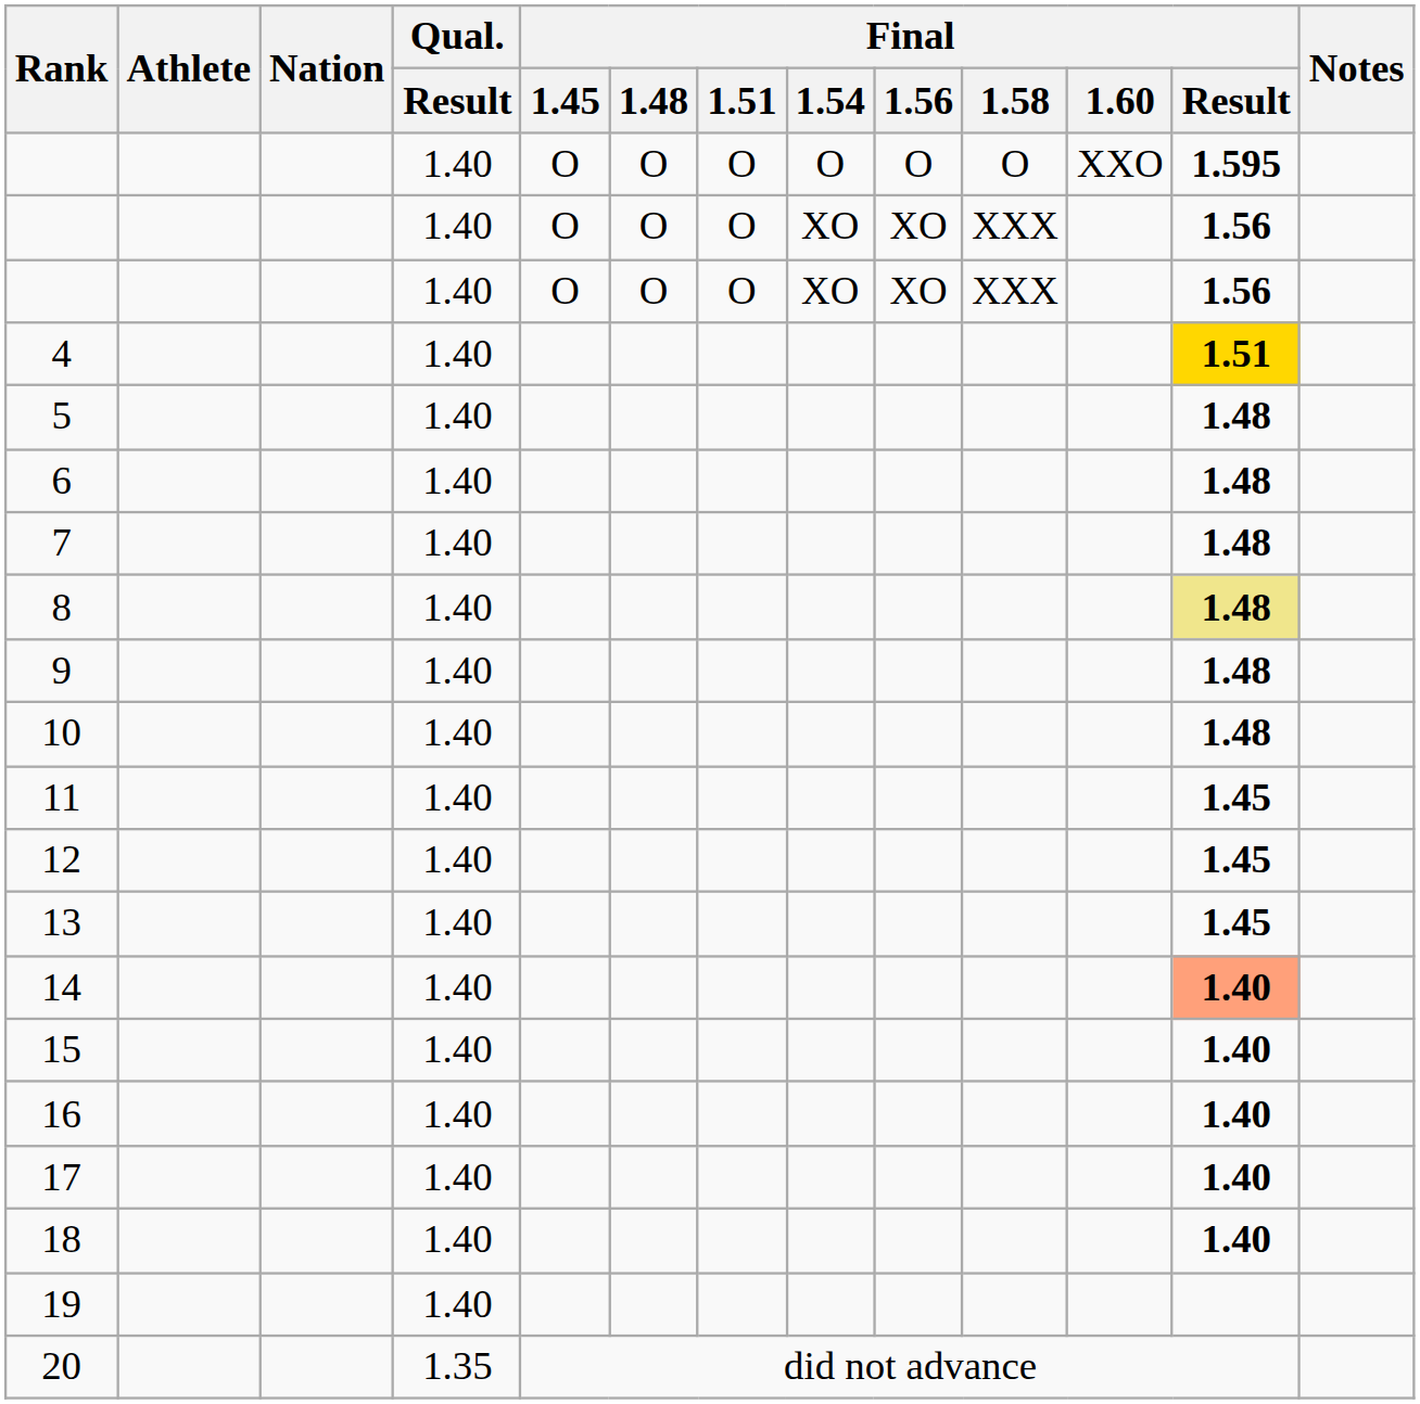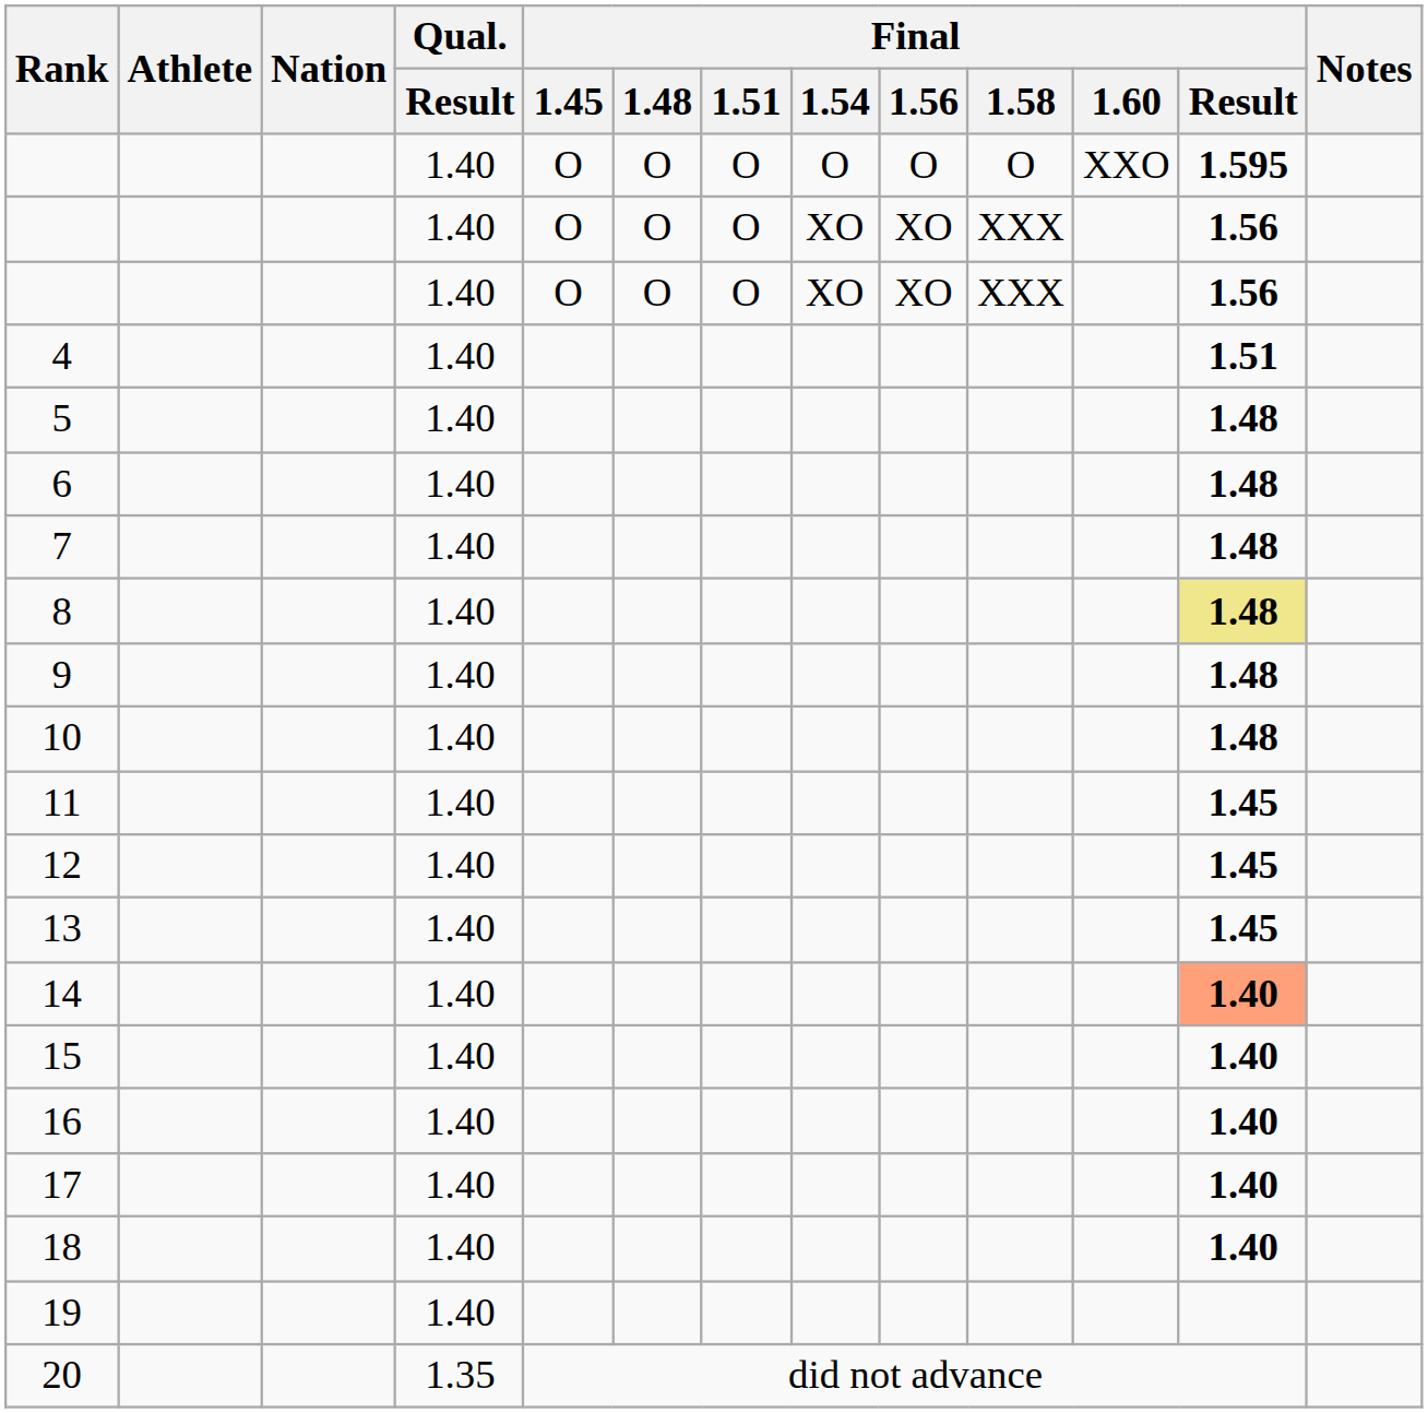 <table class="wikitable sortable" style="text-align:center">
 <tr>
 <th rowspan=2>Rank</th>
 <th rowspan=2>Athlete</th>
 <th rowspan=2>Nation</th>
 <th>Qual.</th>
 <th colspan=8>Final</th>
 <th rowspan=2>Notes</th>
 </tr>
 <tr>
 <th>Result</th>
 <th>1.45</th>
 <th>1.48</th>
 <th>1.51</th>
 <th>1.54</th>
 <th>1.56</th>
 <th>1.58</th>
 <th>1.60</th>
 <th>Result</th>
 </tr>
 <tr>
 <td></td>
 <td align=left></td>
 <td align=left></td>
 <td>1.40</td>
 <td>O</td>
 <td>O</td>
 <td>O</td>
 <td>O</td>
 <td>O</td>
 <td>O</td>
 <td>XXO</td>
 <td><strong>1.595</strong></td>
 <td></td>
 </tr>
 <tr>
 <td></td>
 <td align=left></td>
 <td align=left></td>
 <td>1.40</td>
 <td>O</td>
 <td>O</td>
 <td>O</td>
 <td>XO</td>
 <td>XO</td>
 <td>XXX</td>
 <td></td>
 <td><strong>1.56</strong></td>
 <td></td>
 </tr>
 <tr>
 <td></td>
 <td align=left></td>
 <td align=left></td>
 <td>1.40</td>
 <td>O</td>
 <td>O</td>
 <td>O</td>
 <td>XO</td>
 <td>XO</td>
 <td>XXX</td>
 <td></td>
 <td><strong>1.56</strong></td>
 <td></td>
 </tr>
 <tr>
 <td>4</td>
 <td align=left></td>
 <td align=left></td>
 <td>1.40</td>
 <td></td>
 <td></td>
 <td></td>
 <td></td>
 <td></td>
 <td></td>
 <td></td>
-<td style="background: gold;"><strong>1.51</strong></td>
+<td><strong>1.51</strong></td>
 <td></td>
 </tr>
 <tr>
 <td>5</td>
 <td align=left></td>
 <td align=left></td>
 <td>1.40</td>
 <td></td>
 <td></td>
 <td></td>
 <td></td>
 <td></td>
 <td></td>
 <td></td>
 <td><strong>1.48</strong></td>
 <td></td>
 </tr>
 <tr>
 <td>6</td>
 <td align=left></td>
 <td align=left></td>
 <td>1.40</td>
 <td></td>
 <td></td>
 <td></td>
 <td></td>
 <td></td>
 <td></td>
 <td></td>
 <td><strong>1.48</strong></td>
 <td></td>
 </tr>
 <tr>
 <td>7</td>
 <td align=left></td>
 <td align=left></td>
 <td>1.40</td>
 <td></td>
 <td></td>
 <td></td>
 <td></td>
 <td></td>
 <td></td>
 <td></td>
 <td><strong>1.48</strong></td>
 <td></td>
 </tr>
 <tr>
 <td>8</td>
 <td align=left></td>
 <td align=left></td>
 <td>1.40</td>
 <td></td>
 <td></td>
 <td></td>
 <td></td>
 <td></td>
 <td></td>
 <td></td>
 <td style="background: khaki;"><strong>1.48</strong></td>
 <td></td>
 </tr>
 <tr>
 <td>9</td>
 <td align=left></td>
 <td align=left></td>
 <td>1.40</td>
 <td></td>
 <td></td>
 <td></td>
 <td></td>
 <td></td>
 <td></td>
 <td></td>
 <td><strong>1.48</strong></td>
 <td></td>
 </tr>
 <tr>
 <td>10</td>
 <td align=left></td>
 <td align=left></td>
 <td>1.40</td>
 <td></td>
 <td></td>
 <td></td>
 <td></td>
 <td></td>
 <td></td>
 <td></td>
 <td><strong>1.48</strong></td>
 <td></td>
 </tr>
 <tr>
 <td>11</td>
 <td align=left></td>
 <td align=left></td>
 <td>1.40</td>
 <td></td>
 <td></td>
 <td></td>
 <td></td>
 <td></td>
 <td></td>
 <td></td>
 <td><strong>1.45</strong></td>
 <td></td>
 </tr>
 <tr>
 <td>12</td>
 <td align=left></td>
 <td align=left></td>
 <td>1.40</td>
 <td></td>
 <td></td>
 <td></td>
 <td></td>
 <td></td>
 <td></td>
 <td></td>
 <td><strong>1.45</strong></td>
 <td></td>
 </tr>
 <tr>
 <td>13</td>
 <td align=left></td>
 <td align=left></td>
 <td>1.40</td>
 <td></td>
 <td></td>
 <td></td>
 <td></td>
 <td></td>
 <td></td>
 <td></td>
 <td><strong>1.45</strong></td>
 <td></td>
 </tr>
 <tr>
 <td>14</td>
 <td align=left></td>
 <td align=left></td>
 <td>1.40</td>
 <td></td>
 <td></td>
 <td></td>
 <td></td>
 <td></td>
 <td></td>
 <td></td>
 <td style="background: lightsalmon;"><strong>1.40</strong></td>
 <td></td>
 </tr>
 <tr>
 <td>15</td>
 <td align=left></td>
 <td align=left></td>
 <td>1.40</td>
 <td></td>
 <td></td>
 <td></td>
 <td></td>
 <td></td>
 <td></td>
 <td></td>
 <td><strong>1.40</strong></td>
 <td></td>
 </tr>
 <tr>
 <td>16</td>
 <td align=left></td>
 <td align=left></td>
 <td>1.40</td>
 <td></td>
 <td></td>
 <td></td>
 <td></td>
 <td></td>
 <td></td>
 <td></td>
 <td><strong>1.40</strong></td>
 <td></td>
 </tr>
 <tr>
 <td>17</td>
 <td align=left></td>
 <td align=left></td>
 <td>1.40</td>
 <td></td>
 <td></td>
 <td></td>
 <td></td>
 <td></td>
 <td></td>
 <td></td>
 <td><strong>1.40</strong></td>
 <td></td>
 </tr>
 <tr>
 <td>18</td>
 <td align=left></td>
 <td align=left></td>
 <td>1.40</td>
 <td></td>
 <td></td>
 <td></td>
 <td></td>
 <td></td>
 <td></td>
 <td></td>
 <td><strong>1.40</strong></td>
 <td></td>
 </tr>
 <tr>
 <td>19</td>
 <td align=left></td>
 <td align=left></td>
 <td>1.40</td>
 <td></td>
 <td></td>
 <td></td>
 <td></td>
 <td></td>
 <td></td>
 <td></td>
 <td><strong></strong></td>
 <td></td>
 </tr>
 <tr>
 <td>20</td>
 <td align=left></td>
 <td align=left></td>
 <td>1.35</td>
 <td colspan=8>did not advance</td>
 <td></td>
 </tr>
 </table>
